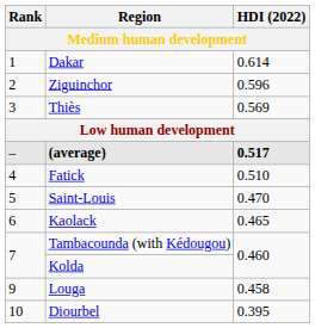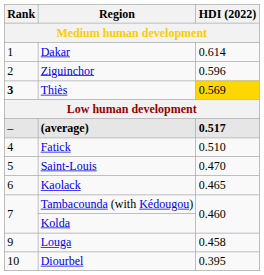 <table class="wikitable sortable">
 <tr>
 <th>Rank</th>
 <th>Region</th>
 <th>HDI (2022)</th>
 </tr>
 <tr>
 <th colspan="3" style="color:#fc0;">Medium human development</th>
 </tr>
 <tr>
 <td>1</td>
 <td><a href='#'>Dakar</a></td>
 <td>0.614</td>
 </tr>
 <tr>
 <td>2</td>
 <td><a href='#'>Ziguinchor</a></td>
 <td>0.596</td>
 </tr>
 <tr>
-<td>3</td>
+<td><strong>3</strong></td>
 <td><a href='#'>Thiès</a></td>
-<td>0.569</td>
+<td style="background: gold;">0.569</td>
 </tr>
 <tr>
 <th colspan="3" style="color:#900;">Low human development</th>
 </tr>
 <tr style="background:#e6e6e6">
 <td>–</td>
 <td><strong> (average)</strong></td>
 <td><strong>0.517</strong></td>
 </tr>
 <tr>
 <td>4</td>
 <td><a href='#'>Fatick</a></td>
 <td>0.510</td>
 </tr>
 <tr>
 <td>5</td>
 <td><a href='#'>Saint-Louis</a></td>
 <td>0.470</td>
 </tr>
 <tr>
 <td>6</td>
 <td><a href='#'>Kaolack</a></td>
 <td>0.465</td>
 </tr>
 <tr>
 <td rowspan="2">7</td>
 <td><a href='#'>Tambacounda</a> (with <a href='#'>Kédougou</a>)</td>
 <td rowspan="2">0.460</td>
 </tr>
 <tr>
 <td><a href='#'>Kolda</a></td>
 </tr>
 <tr>
 <td>9</td>
 <td><a href='#'>Louga</a></td>
 <td>0.458</td>
 </tr>
 <tr>
 <td>10</td>
 <td><a href='#'>Diourbel</a></td>
 <td>0.395</td>
 </tr>
 </table>
